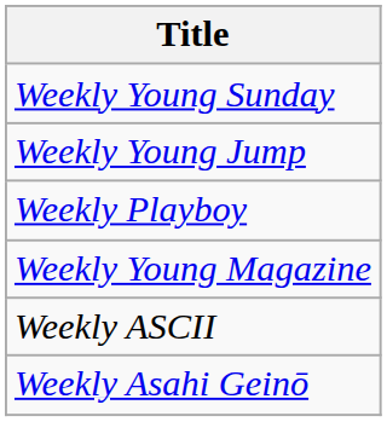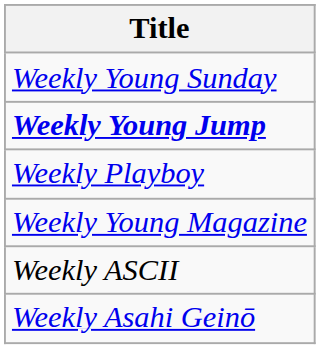 <table class="wikitable">
 <tr>
 <th>Title</th>
 </tr>
 <tr>
 <td><em><a href='#'>Weekly Young Sunday</a></em></td>
 </tr>
 <tr>
-<td><em><a href='#'>Weekly Young Jump</a></em></td>
+<td><strong><em><a href='#'>Weekly Young Jump</a></em></strong></td>
 </tr>
 <tr>
 <td><em><a href='#'>Weekly Playboy</a></em></td>
 </tr>
 <tr>
 <td><em><a href='#'>Weekly Young Magazine</a></em></td>
 </tr>
 <tr>
 <td><em>Weekly ASCII</em></td>
 </tr>
 <tr>
 <td><em><a href='#'>Weekly Asahi Geinō</a></em></td>
 </tr>
 </table>
